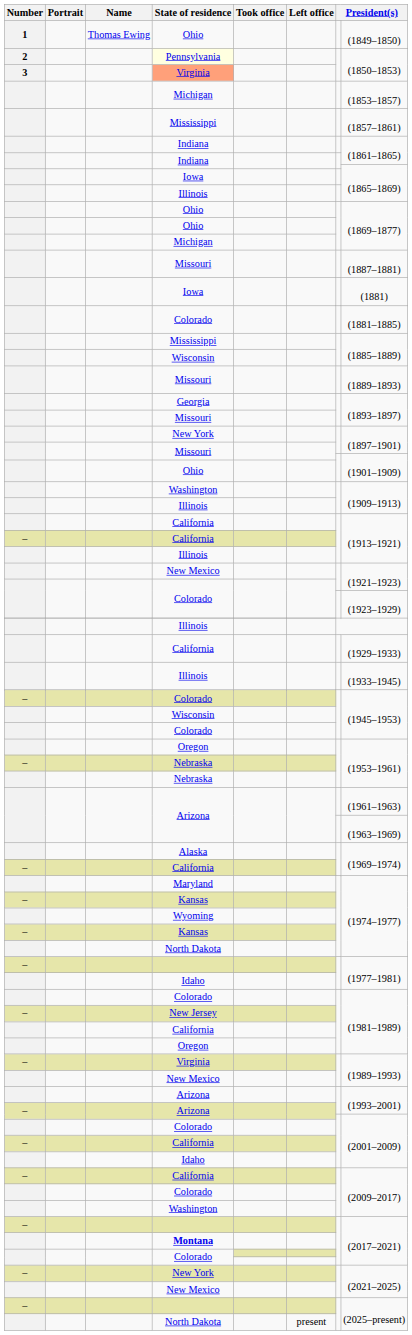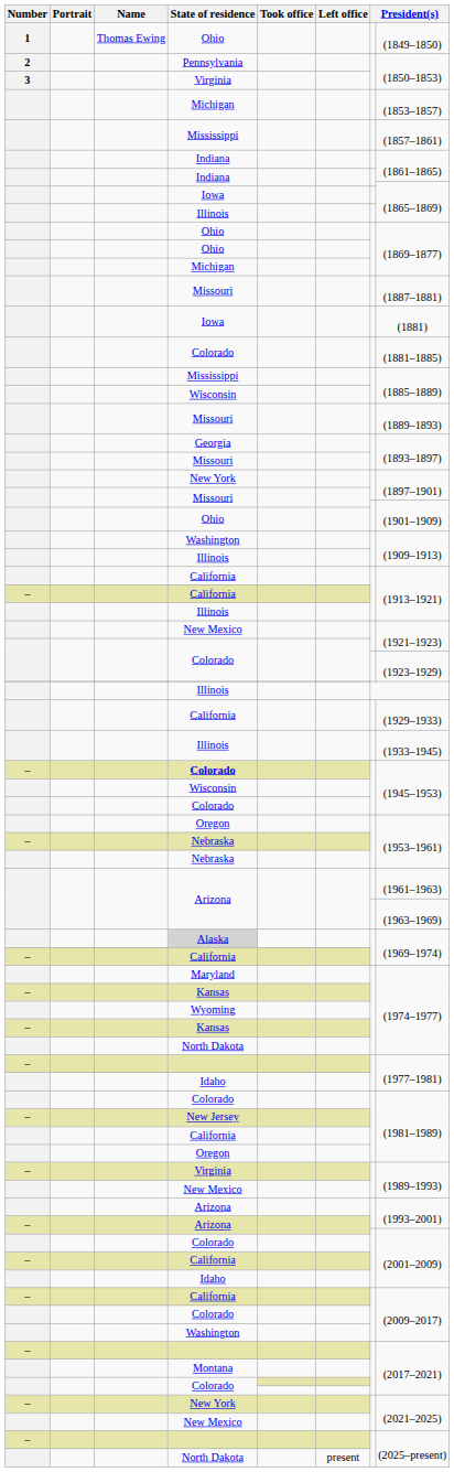 <table class="wikitable sortable" style="text-align:center">
 <tr>
 <th>Number</th>
 <th class=unsortable>Portrait</th>
 <th>Name</th>
 <th>State of residence</th>
 <th>Took office</th>
 <th>Left office</th>
 <th colspan=2><a href='#'>President(s)</a></th>
 </tr>
 <tr>
 <th rowspan=2 style="background: ">1</th>
 <td rowspan=2></td>
 <td rowspan=2><a href='#'>Thomas Ewing</a></td>
 <td rowspan=2><a href='#'>Ohio</a></td>
 <td rowspan=2></td>
 <td rowspan=2></td>
 <td style="background: "></td>
 <td><br>(1849–1850)</td>
 </tr>
 <tr>
 <td rowspan=3 style="background: "></td>
 <td rowspan=3><br>(1850–1853)</td>
 </tr>
 <tr>
 <th style="background: ">2</th>
 <td></td>
 <td></td>
-<td style="background: lightyellow;"><a href='#'>Pennsylvania</a></td>
+<td><a href='#'>Pennsylvania</a></td>
 <td></td>
 <td></td>
 </tr>
 <tr>
 <th style="background: ">3</th>
 <td></td>
 <td></td>
-<td style="background: lightsalmon;"><a href='#'>Virginia</a></td>
+<td><a href='#'>Virginia</a></td>
 <td></td>
 <td></td>
 </tr>
 <tr>
 <th style="background: "></th>
 <td></td>
 <td></td>
 <td><a href='#'>Michigan</a></td>
 <td></td>
 <td></td>
 <td style="background: "></td>
 <td><br>(1853–1857)</td>
 </tr>
 <tr>
 <th style="background: "></th>
 <td></td>
 <td></td>
 <td><a href='#'>Mississippi</a></td>
 <td></td>
 <td></td>
 <td style="background: "></td>
 <td><br>(1857–1861)</td>
 </tr>
 <tr>
 <th style="background: "></th>
 <td></td>
 <td></td>
 <td><a href='#'>Indiana</a></td>
 <td></td>
 <td></td>
 <td style="background: "></td>
 <td rowspan=2><br>(1861–1865)</td>
 </tr>
 <tr>
 <th rowspan=2 style="background: "></th>
 <td rowspan=2></td>
 <td rowspan=2></td>
 <td rowspan=2><a href='#'>Indiana</a></td>
 <td rowspan=2></td>
 <td rowspan=2></td>
 <td rowspan=2 style="background: "></td>
 </tr>
 <tr>
 <td rowspan=3><br>(1865–1869)</td>
 </tr>
 <tr>
 <th style="background: "></th>
 <td></td>
 <td></td>
 <td><a href='#'>Iowa</a></td>
 <td></td>
 <td></td>
 <td style="background: "></td>
 </tr>
 <tr>
 <th style="background: "></th>
 <td></td>
 <td></td>
 <td><a href='#'>Illinois</a></td>
 <td></td>
 <td></td>
 <td style="background: "></td>
 </tr>
 <tr>
 <th style="background: "></th>
 <td></td>
 <td></td>
 <td><a href='#'>Ohio</a></td>
 <td></td>
 <td></td>
 <td rowspan=3 style="background: "></td>
 <td rowspan=3><br>(1869–1877)</td>
 </tr>
 <tr>
 <th style="background: "></th>
 <td></td>
 <td></td>
 <td><a href='#'>Ohio</a></td>
 <td></td>
 <td></td>
 </tr>
 <tr>
 <th style="background: "></th>
 <td></td>
 <td></td>
 <td><a href='#'>Michigan</a></td>
 <td></td>
 <td></td>
 </tr>
 <tr>
 <th style="background: "></th>
 <td></td>
 <td></td>
 <td><a href='#'>Missouri</a></td>
 <td></td>
 <td></td>
 <td style="background: "></td>
 <td><br>(1887–1881)</td>
 </tr>
 <tr>
 <th rowspan=2 style="background: "></th>
 <td rowspan=2></td>
 <td rowspan=2></td>
 <td rowspan=2><a href='#'>Iowa</a></td>
 <td rowspan=2></td>
 <td rowspan=2></td>
 <td style="background: "></td>
 <td><br>(1881)</td>
 </tr>
 <tr>
 <td rowspan=2 style="background: "></td>
 <td rowspan=2><br>(1881–1885)</td>
 </tr>
 <tr>
 <th style="background: "></th>
 <td></td>
 <td></td>
 <td><a href='#'>Colorado</a></td>
 <td></td>
 <td></td>
 </tr>
 <tr>
 <th style="background: "></th>
 <td></td>
 <td></td>
 <td><a href='#'>Mississippi</a></td>
 <td></td>
 <td></td>
 <td rowspan=2 style="background: "></td>
 <td rowspan=2><br>(1885–1889)</td>
 </tr>
 <tr>
 <th style="background: "></th>
 <td></td>
 <td></td>
 <td><a href='#'>Wisconsin</a></td>
 <td></td>
 <td></td>
 </tr>
 <tr>
 <th style="background: "></th>
 <td></td>
 <td></td>
 <td><a href='#'>Missouri</a></td>
 <td></td>
 <td></td>
 <td style="background: "></td>
 <td><br>(1889–1893)</td>
 </tr>
 <tr>
 <th style="background: "></th>
 <td></td>
 <td></td>
 <td><a href='#'>Georgia</a></td>
 <td></td>
 <td></td>
 <td rowspan=2 style="background: "></td>
 <td rowspan=2><br>(1893–1897)</td>
 </tr>
 <tr>
 <th style="background: "></th>
 <td></td>
 <td></td>
 <td><a href='#'>Missouri</a></td>
 <td></td>
 <td></td>
 </tr>
 <tr>
 <th style="background: "></th>
 <td></td>
 <td></td>
 <td><a href='#'>New York</a></td>
 <td></td>
 <td></td>
 <td rowspan=2 style="background: "></td>
 <td rowspan=2><br>(1897–1901)</td>
 </tr>
 <tr>
 <th rowspan=2 style="background: "></th>
 <td rowspan=2></td>
 <td rowspan=2></td>
 <td rowspan=2><a href='#'>Missouri</a></td>
 <td rowspan=2></td>
 <td rowspan=2></td>
 </tr>
 <tr>
 <td rowspan=2 style="background: "></td>
 <td rowspan=2><br>(1901–1909)</td>
 </tr>
 <tr>
 <th style="background: "></th>
 <td></td>
 <td></td>
 <td><a href='#'>Ohio</a></td>
 <td></td>
 <td></td>
 </tr>
 <tr>
 <th style="background: "></th>
 <td></td>
 <td></td>
 <td><a href='#'>Washington</a></td>
 <td></td>
 <td></td>
 <td rowspan=2 style="background: "></td>
 <td rowspan=2><br>(1909–1913)</td>
 </tr>
 <tr>
 <th style="background: "></th>
 <td></td>
 <td></td>
 <td><a href='#'>Illinois</a></td>
 <td></td>
 <td></td>
 </tr>
 <tr>
 <th style="background: "></th>
 <td></td>
 <td></td>
 <td><a href='#'>California</a></td>
 <td></td>
 <td></td>
 <td rowspan=3 style="background: "></td>
 <td rowspan=3><br>(1913–1921)</td>
 </tr>
 <tr>
 <td bgcolor=#E6E6AA>–</td>
 <td bgcolor=#E6E6AA></td>
 <td bgcolor=#E6E6AA><br></td>
 <td bgcolor=#E6E6AA><a href='#'>California</a></td>
 <td bgcolor=#E6E6AA></td>
 <td bgcolor=#E6E6AA></td>
 </tr>
 <tr>
 <th style="background: "></th>
 <td></td>
 <td></td>
 <td><a href='#'>Illinois</a></td>
 <td></td>
 <td></td>
 </tr>
 <tr>
 <th style="background: "></th>
 <td></td>
 <td></td>
 <td><a href='#'>New Mexico</a></td>
 <td></td>
 <td></td>
 <td rowspan=2 style="background: "></td>
 <td rowspan=2><br>(1921–1923)</td>
 </tr>
 <tr>
 <th rowspan=2 style="background: "></th>
 <td rowspan=2></td>
 <td rowspan=2></td>
 <td rowspan=2><a href='#'>Colorado</a></td>
 <td rowspan=2></td>
 <td rowspan=2></td>
 </tr>
 <tr>
 <td rowspan=2 style="background: "></td>
 <td rowspan=2><br>(1923–1929)</td>
 </tr>
 <tr>
 </tr>
 <tr>
 <th style="background: "></th>
 <td></td>
 <td></td>
 <td><a href='#'>Illinois</a></td>
 <td></td>
 <td></td>
 </tr>
 <tr>
 <th style="background: "></th>
 <td></td>
 <td></td>
 <td><a href='#'>California</a></td>
 <td></td>
 <td></td>
 <td style="background: "></td>
 <td><br>(1929–1933)</td>
 </tr>
 <tr>
 <th rowspan=2 style="background: "></th>
 <td rowspan=2></td>
 <td rowspan=2></td>
 <td rowspan=2><a href='#'>Illinois</a></td>
 <td rowspan=2></td>
 <td rowspan=2></td>
 <td style="background: "></td>
 <td><br>(1933–1945)</td>
 </tr>
 <tr>
 <td rowspan=4 style="background: "></td>
 <td rowspan=4><br>(1945–1953)</td>
 </tr>
 <tr>
 <td bgcolor=#E6E6AA>–</td>
 <td bgcolor=#E6E6AA></td>
 <td bgcolor=#E6E6AA><br></td>
-<td bgcolor=#E6E6AA><a href='#'>Colorado</a></td>
+<td bgcolor=#E6E6AA><strong><a href='#'>Colorado</a></strong></td>
 <td bgcolor=#E6E6AA></td>
 <td bgcolor=#E6E6AA></td>
 </tr>
 <tr>
 <th style="background: "></th>
 <td></td>
 <td></td>
 <td><a href='#'>Wisconsin</a></td>
 <td></td>
 <td></td>
 </tr>
 <tr>
 <th style="background: "></th>
 <td></td>
 <td></td>
 <td><a href='#'>Colorado</a></td>
 <td></td>
 <td></td>
 </tr>
 <tr>
 <th style="background: "></th>
 <td></td>
 <td></td>
 <td><a href='#'>Oregon</a></td>
 <td></td>
 <td></td>
 <td rowspan=3 style="background: "></td>
 <td rowspan=3><br>(1953–1961)</td>
 </tr>
 <tr>
 <td bgcolor=#E6E6AA>–</td>
 <td bgcolor=#E6E6AA></td>
 <td bgcolor=#E6E6AA><br></td>
 <td bgcolor=#E6E6AA><a href='#'>Nebraska</a></td>
 <td bgcolor=#E6E6AA></td>
 <td bgcolor=#E6E6AA></td>
 </tr>
 <tr>
 <th style="background: "></th>
 <td></td>
 <td></td>
 <td><a href='#'>Nebraska</a></td>
 <td></td>
 <td></td>
 </tr>
 <tr>
 <th rowspan=2 style="background: "></th>
 <td rowspan=2></td>
 <td rowspan=2></td>
 <td rowspan=2><a href='#'>Arizona</a></td>
 <td rowspan=2></td>
 <td rowspan=2></td>
 <td style="background: "></td>
 <td><br>(1961–1963)</td>
 </tr>
 <tr>
 <td style="background: "></td>
 <td><br>(1963–1969)</td>
 </tr>
 <tr>
 <th style="background: "></th>
 <td></td>
 <td></td>
-<td><a href='#'>Alaska</a></td>
+<td style="background: lightgrey;"><a href='#'>Alaska</a></td>
 <td></td>
 <td></td>
 <td rowspan=3 style="background: "></td>
 <td rowspan=3><br>(1969–1974)</td>
 </tr>
 <tr>
 <td bgcolor=#E6E6AA>–</td>
 <td bgcolor=#E6E6AA></td>
 <td bgcolor=#E6E6AA><br></td>
 <td bgcolor=#E6E6AA><a href='#'>California</a></td>
 <td bgcolor=#E6E6AA></td>
 <td bgcolor=#E6E6AA></td>
 </tr>
 <tr>
 <th rowspan=2 style="background: "></th>
 <td rowspan=2></td>
 <td rowspan=2></td>
 <td rowspan=2><a href='#'>Maryland</a></td>
 <td rowspan=2></td>
 <td rowspan=2></td>
 </tr>
 <tr>
 <td rowspan=5 style="background: "></td>
 <td rowspan=5><br>(1974–1977)</td>
 </tr>
 <tr>
 <td bgcolor=#E6E6AA>–</td>
 <td bgcolor=#E6E6AA></td>
 <td bgcolor=#E6E6AA><br></td>
 <td bgcolor=#E6E6AA><a href='#'>Kansas</a></td>
 <td bgcolor=#E6E6AA></td>
 <td bgcolor=#E6E6AA></td>
 </tr>
 <tr>
 <th style="background: "></th>
 <td></td>
 <td></td>
 <td><a href='#'>Wyoming</a></td>
 <td></td>
 <td></td>
 </tr>
 <tr>
 <td bgcolor=#E6E6AA>–</td>
 <td bgcolor=#E6E6AA></td>
 <td bgcolor=#E6E6AA><br></td>
 <td bgcolor=#E6E6AA><a href='#'>Kansas</a></td>
 <td bgcolor=#E6E6AA></td>
 <td bgcolor=#E6E6AA></td>
 </tr>
 <tr>
 <th style="background: "></th>
 <td></td>
 <td></td>
 <td><a href='#'>North Dakota</a></td>
 <td></td>
 <td></td>
 </tr>
 <tr>
 <td bgcolor=#E6E6AA>–</td>
 <td bgcolor=#E6E6AA></td>
 <td bgcolor=#E6E6AA><br></td>
 <td bgcolor=#E6E6AA></td>
 <td bgcolor=#E6E6AA></td>
 <td bgcolor=#E6E6AA></td>
 <td rowspan=2 style="background: "></td>
 <td rowspan=2><br>(1977–1981)</td>
 </tr>
 <tr>
 <th style="background: "></th>
 <td></td>
 <td></td>
 <td><a href='#'>Idaho</a></td>
 <td></td>
 <td></td>
 </tr>
 <tr>
 <th style="background: "></th>
 <td></td>
 <td></td>
 <td><a href='#'>Colorado</a></td>
 <td></td>
 <td></td>
 <td rowspan=4 style="background: "></td>
 <td rowspan=4><br>(1981–1989)</td>
 </tr>
 <tr>
 <td bgcolor=#E6E6AA>–</td>
 <td bgcolor=#E6E6AA></td>
 <td bgcolor=#E6E6AA><br></td>
 <td bgcolor=#E6E6AA><a href='#'>New Jersey</a></td>
 <td bgcolor=#E6E6AA></td>
 <td bgcolor=#E6E6AA></td>
 </tr>
 <tr>
 <th style="background: "></th>
 <td></td>
 <td></td>
 <td><a href='#'>California</a></td>
 <td></td>
 <td></td>
 </tr>
 <tr>
 <th style="background: "></th>
 <td></td>
 <td></td>
 <td><a href='#'>Oregon</a></td>
 <td></td>
 <td></td>
 </tr>
 <tr>
 <td bgcolor=#E6E6AA>–</td>
 <td bgcolor=#E6E6AA></td>
 <td bgcolor=#E6E6AA><br></td>
 <td bgcolor=#E6E6AA><a href='#'>Virginia</a></td>
 <td bgcolor=#E6E6AA></td>
 <td bgcolor=#E6E6AA></td>
 <td rowspan=2 style="background: "></td>
 <td rowspan=2><br>(1989–1993)</td>
 </tr>
 <tr>
 <th style="background: "></th>
 <td></td>
 <td></td>
 <td><a href='#'>New Mexico</a></td>
 <td></td>
 <td></td>
 </tr>
 <tr>
 <th style="background: "></th>
 <td></td>
 <td></td>
 <td><a href='#'>Arizona</a></td>
 <td></td>
 <td></td>
 <td rowspan=2 style="background: "></td>
 <td rowspan=2><br>(1993–2001)</td>
 </tr>
 <tr>
 <td rowspan=2 bgcolor=#E6E6AA>–</td>
 <td rowspan=2 bgcolor=#E6E6AA></td>
 <td rowspan=2 bgcolor=#E6E6AA><br></td>
 <td rowspan=2 bgcolor=#E6E6AA><a href='#'>Arizona</a></td>
 <td rowspan=2 bgcolor=#E6E6AA></td>
 <td rowspan=2 bgcolor=#E6E6AA></td>
 </tr>
 <tr>
 <td rowspan=5 style="background: "></td>
 <td rowspan=5><br>(2001–2009)</td>
 </tr>
 <tr>
 <th style="background: "></th>
 <td></td>
 <td></td>
 <td><a href='#'>Colorado</a></td>
 <td></td>
 <td></td>
 </tr>
 <tr>
 <td bgcolor=#E6E6AA>–</td>
 <td bgcolor=#E6E6AA></td>
 <td bgcolor=#E6E6AA><br></td>
 <td bgcolor=#E6E6AA><a href='#'>California</a></td>
 <td bgcolor=#E6E6AA></td>
 <td bgcolor=#E6E6AA></td>
 </tr>
 <tr>
 <th style="background: "></th>
 <td></td>
 <td></td>
 <td><a href='#'>Idaho</a></td>
 <td></td>
 <td></td>
 </tr>
 <tr>
 <td rowspan=2 bgcolor=#E6E6AA>–</td>
 <td rowspan=2 bgcolor=#E6E6AA></td>
 <td rowspan=2 bgcolor=#E6E6AA><br></td>
 <td rowspan=2 bgcolor=#E6E6AA><a href='#'>California</a></td>
 <td rowspan=2 bgcolor=#E6E6AA></td>
 <td rowspan=2 bgcolor=#E6E6AA></td>
 </tr>
 <tr>
 <td rowspan=3 style="background: "></td>
 <td rowspan=3><br>(2009–2017)</td>
 </tr>
 <tr>
 <th style="background: "></th>
 <td></td>
 <td></td>
 <td><a href='#'>Colorado</a></td>
 <td></td>
 <td></td>
 </tr>
 <tr>
 <th style="background: "></th>
 <td></td>
 <td></td>
 <td><a href='#'>Washington</a></td>
 <td></td>
 <td></td>
 </tr>
 <tr>
 <td bgcolor=#E6E6AA>–</td>
 <td bgcolor=#E6E6AA></td>
 <td bgcolor=#E6E6AA><br></td>
 <td bgcolor=#E6E6AA></td>
 <td bgcolor=#E6E6AA></td>
 <td bgcolor=#E6E6AA></td>
 <td rowspan=4 style="background: "></td>
 <td rowspan=4><br>(2017–2021)</td>
 </tr>
 <tr>
 <th style="background: "></th>
 <td></td>
 <td></td>
-<td><strong><a href='#'>Montana</a></strong></td>
+<td><a href='#'>Montana</a></td>
 <td></td>
 <td></td>
 </tr>
 <tr>
 <th rowspan=2 style="background: "></th>
 <td rowspan=2></td>
 <td rowspan=2></td>
 <td rowspan=2><a href='#'>Colorado</a></td>
 <td style="background:#e6e6aa;"></td>
 <td style="background:#e6e6aa;"></td>
 </tr>
 <tr>
 <td></td>
 <td></td>
 </tr>
 <tr>
 <td bgcolor=#E6E6AA>–</td>
 <td bgcolor=#E6E6AA></td>
 <td bgcolor=#E6E6AA><br></td>
 <td bgcolor=#E6E6AA><a href='#'>New York</a></td>
 <td bgcolor=#E6E6AA></td>
 <td bgcolor=#E6E6AA></td>
 <td rowspan=2 style="background: "></td>
 <td rowspan=2><br>(2021–2025)</td>
 </tr>
 <tr>
 <th style="background: "></th>
 <td></td>
 <td></td>
 <td><a href='#'>New Mexico</a></td>
 <td></td>
 <td></td>
 </tr>
 <tr>
 <td bgcolor=#E6E6AA>–</td>
 <td bgcolor=#E6E6AA></td>
 <td bgcolor=#E6E6AA><br></td>
 <td bgcolor=#E6E6AA></td>
 <td bgcolor=#E6E6AA></td>
 <td bgcolor=#E6E6AA></td>
 <td rowspan=2 style="background: "></td>
 <td rowspan=2><br>(2025–present)</td>
 </tr>
 <tr>
 <th style="background: "></th>
 <td></td>
 <td></td>
 <td><a href='#'>North Dakota</a></td>
 <td></td>
 <td>present</td>
 </tr>
 </table>
